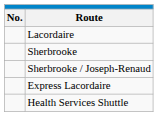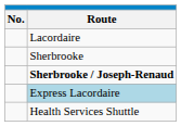 <table align=center class="wikitable">
 <tr>
 <th style="background: #0085CA; font-size:100%; color:#FFFFFF;"colspan="4"><a href='#'></a></th>
 </tr>
 <tr>
 <th>No.</th>
 <th>Route</th>
 </tr>
 <tr>
 <td {{Avoid wrap> </td>
 <td>Lacordaire</td>
 </tr>
 <tr>
 <td></td>
 <td>Sherbrooke</td>
 </tr>
 <tr>
 <td {{Avoid wrap> </td>
-<td>Sherbrooke / Joseph-Renaud</td>
+<td><strong>Sherbrooke / Joseph-Renaud</strong></td>
 </tr>
 <tr>
 <td></td>
-<td>Express Lacordaire</td>
+<td style="background: lightblue;">Express Lacordaire</td>
 </tr>
 <tr>
 <td></td>
 <td>Health Services Shuttle</td>
 </tr>
 </table>
